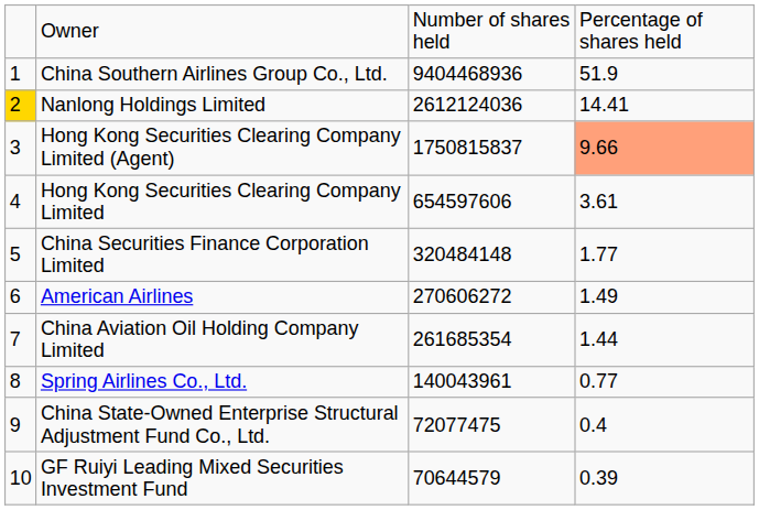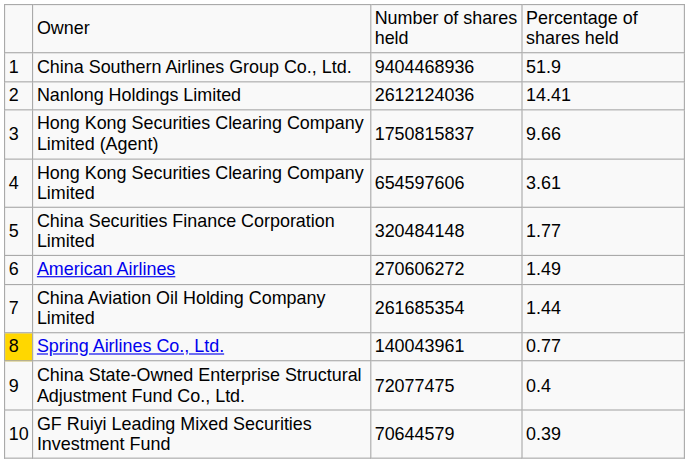 <table class="wikitable">
 <tr>
 <td></td>
 <td>Owner</td>
 <td>Number of shares held</td>
 <td>Percentage of shares held</td>
 </tr>
 <tr>
 <td>1</td>
 <td>China Southern Airlines Group Co., Ltd.</td>
 <td>9404468936</td>
 <td>51.9</td>
 </tr>
 <tr>
-<td style="background: gold;">2</td>
+<td>2</td>
 <td>Nanlong Holdings Limited</td>
 <td>2612124036</td>
 <td>14.41</td>
 </tr>
 <tr>
 <td>3</td>
 <td>Hong Kong Securities Clearing Company  Limited (Agent)</td>
 <td>1750815837</td>
-<td style="background: lightsalmon;">9.66</td>
+<td>9.66</td>
 </tr>
 <tr>
 <td>4</td>
 <td>Hong Kong Securities Clearing Company  Limited</td>
 <td>654597606</td>
 <td>3.61</td>
 </tr>
 <tr>
 <td>5</td>
 <td>China Securities Finance Corporation  Limited</td>
 <td>320484148</td>
 <td>1.77</td>
 </tr>
 <tr>
 <td>6</td>
 <td><a href='#'>American Airlines</a></td>
 <td>270606272</td>
 <td>1.49</td>
 </tr>
 <tr>
 <td>7</td>
 <td>China Aviation Oil Holding Company  Limited</td>
 <td>261685354</td>
 <td>1.44</td>
 </tr>
 <tr>
-<td>8</td>
+<td style="background: gold;">8</td>
 <td><a href='#'>Spring Airlines Co., Ltd.</a></td>
 <td>140043961</td>
 <td>0.77</td>
 </tr>
 <tr>
 <td>9</td>
 <td>China State-Owned Enterprise Structural  Adjustment Fund Co., Ltd.</td>
 <td>72077475</td>
 <td>0.4</td>
 </tr>
 <tr>
 <td>10</td>
 <td>GF Ruiyi  Leading Mixed Securities Investment Fund</td>
 <td>70644579</td>
 <td>0.39</td>
 </tr>
 </table>
